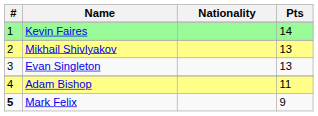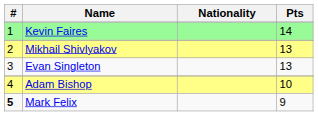 <table class="wikitable" style="display: inline-table;width: 50%;">
 <tr>
 <th>#</th>
 <th>Name</th>
 <th>Nationality</th>
 <th>Pts</th>
 </tr>
 <tr>
 </tr>
 <tr style="background:palegreen">
 <td>1</td>
 <td><a href='#'>Kevin Faires</a></td>
 <td></td>
 <td>14</td>
 </tr>
 <tr>
 </tr>
 <tr style="background:#ff8">
 <td>2</td>
 <td><a href='#'>Mikhail Shivlyakov</a></td>
 <td></td>
 <td>13</td>
 </tr>
 <tr>
 <td>3</td>
 <td><a href='#'>Evan Singleton</a> </td>
 <td></td>
 <td>13</td>
 </tr>
 <tr>
 </tr>
 <tr style="background:#ff8">
 <td>4</td>
 <td><a href='#'>Adam Bishop</a></td>
 <td></td>
-<td>11</td>
+<td>10</td>
 </tr>
 <tr>
 <td><strong>5</strong></td>
 <td><a href='#'>Mark Felix</a></td>
 <td></td>
 <td>9</td>
 </tr>
 </table>
